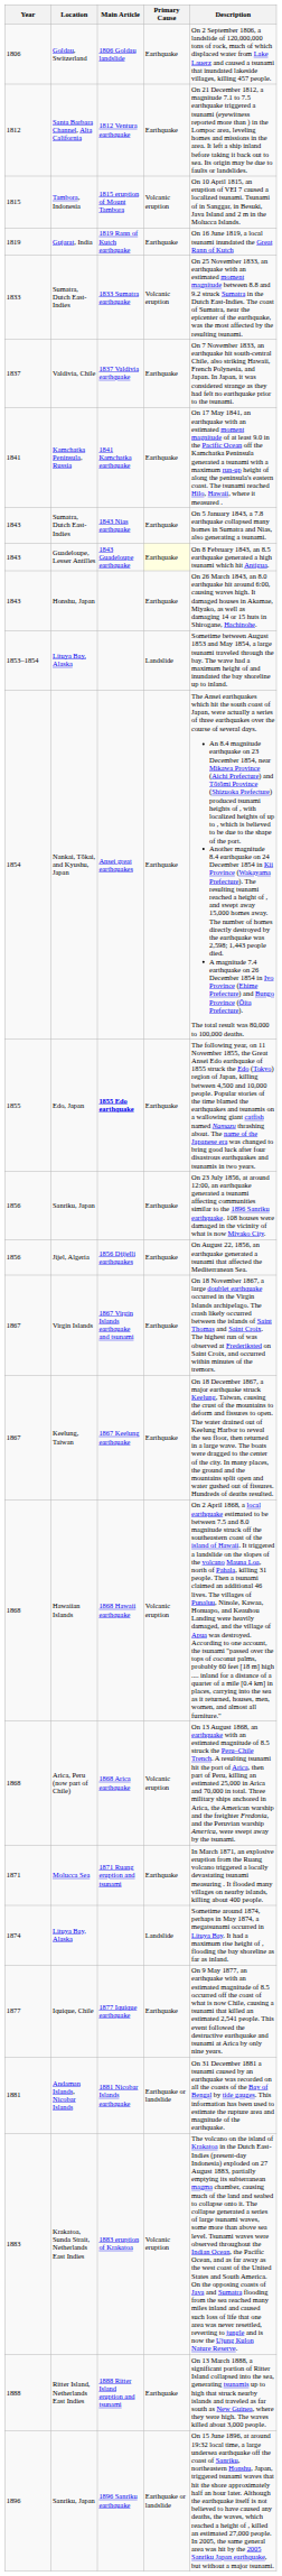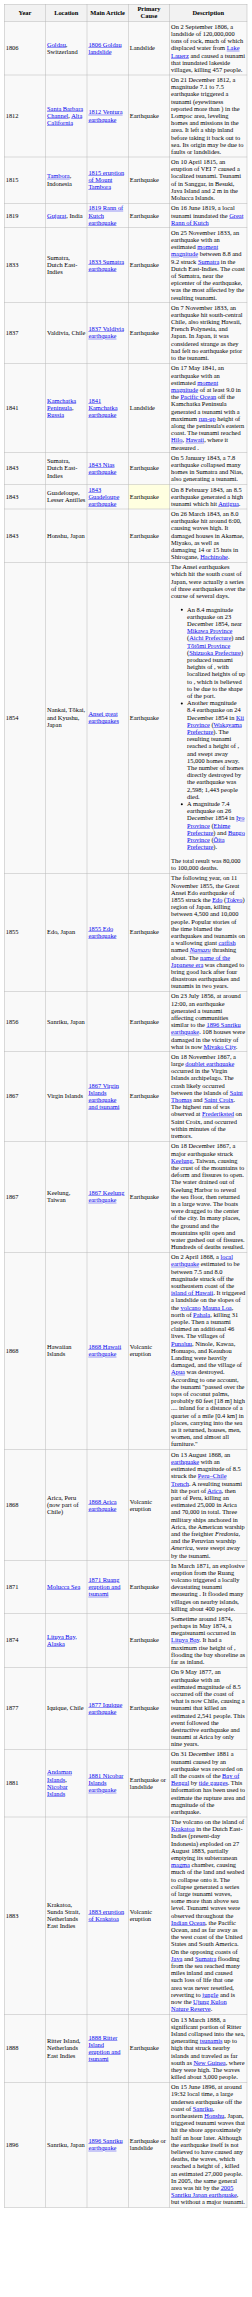 <table class="wikitable sortable">
 <tr>
 <th style="width:6em;">Year</th>
 <th style="width:6em;">Location</th>
 <th style="width:6em;">Main Article</th>
 <th style="width:6em;">Primary Cause</th>
 <th>Description</th>
 </tr>
 <tr>
 <td>1806</td>
 <td><a href='#'>Goldau</a>, Switzerland</td>
 <td><a href='#'>1806 Goldau landslide</a></td>
-<td>Earthquake</td>
+<td>Landslide</td>
 <td>On 2 September 1806, a landslide of 120,000,000 tons of rock, much of which displaced water from <a href='#'>Lake Lauerz</a> and caused a tsunami that inundated lakeside villages, killing 457 people.</td>
 </tr>
 <tr>
 <td>1812</td>
 <td><a href='#'>Santa Barbara Channel</a>, <a href='#'>Alta California</a></td>
 <td><a href='#'>1812 Ventura earthquake</a></td>
 <td>Earthquake</td>
 <td>On 21 December 1812, a magnitude 7.1 to 7.5 earthquake triggered a  tsunami (eyewitness reported more than ) in the Lompoc area, leveling homes and missions in the area. It left a ship inland before taking it back out to sea. Its origin may be due to faults or landslides.</td>
 </tr>
 <tr>
 <td>1815</td>
 <td><a href='#'>Tambora</a>, Indonesia</td>
 <td><a href='#'>1815 eruption of Mount Tambora</a></td>
-<td>Volcanic eruption</td>
+<td>Earthquake</td>
 <td>On 10 April 1815, an eruption of VEI 7 caused a localized tsunami. Tsunami of  in Sanggar,  in Besuki, Java Island and 2 m in the Molucca Islands.</td>
 </tr>
 <tr>
 <td>1819</td>
 <td><a href='#'>Gujarat</a>, India</td>
 <td><a href='#'>1819 Rann of Kutch earthquake</a></td>
 <td>Earthquake</td>
 <td>On 16 June 1819, a local tsunami inundated the <a href='#'>Great Rann of Kutch</a></td>
 </tr>
 <tr>
 <td>1833</td>
 <td>Sumatra, Dutch East-Indies</td>
 <td><a href='#'>1833 Sumatra earthquake</a></td>
-<td>Volcanic eruption</td>
+<td>Earthquake</td>
 <td>On 25 November 1833, an earthquake with an estimated <a href='#'>moment magnitude</a> between 8.8 and 9.2 struck <a href='#'>Sumatra</a> in the Dutch East-Indies. The coast of Sumatra, near the epicenter of the earthquake, was the most affected by the resulting tsunami.</td>
 </tr>
 <tr>
 <td>1837</td>
 <td>Valdivia, Chile</td>
 <td><a href='#'>1837 Valdivia earthquake</a></td>
 <td>Earthquake</td>
 <td>On 7 November 1833, an earthquake hit south-central Chile, also striking Hawaii, French Polynesia, and Japan. In Japan, it was considered strange as they had felt no earthquake prior to the tsunami.</td>
 </tr>
 <tr>
 <td>1841</td>
 <td><a href='#'>Kamchatka Peninsula</a>, <a href='#'>Russia</a></td>
 <td><a href='#'>1841 Kamchatka earthquake</a></td>
-<td>Earthquake</td>
+<td>Landslide</td>
 <td>On 17 May 1841, an earthquake with an estimated <a href='#'>moment magnitude</a> of at least 9.0 in the <a href='#'>Pacific Ocean</a> off the Kamchatka Peninsula generated a tsunami with a maximum <a href='#'>run-up</a> height of  along the peninsula's eastern coast. The tsunami  reached <a href='#'>Hilo</a>, <a href='#'>Hawaii</a>, where it measured .</td>
 </tr>
 <tr>
 <td>1843</td>
 <td>Sumatra, Dutch East-Indies</td>
 <td><a href='#'>1843 Nias earthquake</a></td>
 <td>Earthquake</td>
 <td>On 5 January 1843, a 7.8 earthquake collapsed many homes in Sumatra and Nias, also generating a tsunami.</td>
 </tr>
 <tr>
 <td>1843</td>
 <td>Guadeloupe, Lesser Antilles</td>
 <td><a href='#'>1843 Guadeloupe earthquake</a></td>
 <td style="background: lightyellow;">Earthquake</td>
 <td>On 8 February 1843, an 8.5 earthquake generated a  high tsunami which hit <a href='#'>Antigua</a>.</td>
 </tr>
 <tr>
 <td>1843</td>
 <td>Honshu, Japan</td>
 <td></td>
 <td>Earthquake</td>
 <td>On 26 March 1843, an 8.0 earthquake hit around 6:00, causing waves  high. It damaged houses in Akamae, Miyako, as well as damaging 14 or 15 huts in Shirogane, <a href='#'>Hachinohe</a>.</td>
 </tr>
 <tr>
-<td>1853–1854</td>
-<td><a href='#'>Lituya Bay, Alaska</a></td>
-<td></td>
-<td>Landslide</td>
-<td>Sometime between August 1853 and May 1854, a large tsunami traveled through the bay. The wave had a maximum height of  and inundated the bay shoreline up to  inland.</td>
-</tr>
-<tr>
 <td>1854</td>
 <td>Nankai, Tōkai, and Kyushu, Japan</td>
 <td><a href='#'>Ansei great earthquakes</a></td>
 <td>Earthquake</td>
 <td>The Ansei earthquakes which hit the south coast of Japan, were actually a series of three earthquakes over the course of several days.<br><ul><li>An 8.4 magnitude earthquake on 23 December 1854, near <a href='#'>Mikawa Province</a> (<a href='#'>Aichi Prefecture</a>) and <a href='#'>Tōtōmi Province</a> (<a href='#'>Shizuoka Prefecture</a>) produced tsunami heights of , with localized heights of up to , which is believed to be due to the shape of the port.</li><li>Another magnitude 8.4 earthquake on 24 December 1854 in <a href='#'>Kii Province</a> (<a href='#'>Wakayama Prefecture</a>). The resulting tsunami reached a height of , and swept away 15,000 homes away. The number of homes directly destroyed by the earthquake was 2,598; 1,443 people died.</li><li>A magnitude 7.4 earthquake on 26 December 1854 in <a href='#'>Iyo Province</a> (<a href='#'>Ehime Prefecture</a>) and <a href='#'>Bungo Province</a> (<a href='#'>Ōita Prefecture</a>).</li></ul>The total result was 80,000 to 100,000 deaths.</td>
 </tr>
 <tr>
 <td>1855</td>
 <td>Edo, Japan</td>
-<td><strong><a href='#'>1855 Edo earthquake</a></strong></td>
+<td><a href='#'>1855 Edo earthquake</a></td>
 <td>Earthquake</td>
 <td>The following year, on 11 November 1855, the Great Ansei Edo earthquake of 1855 struck the <a href='#'>Edo</a> (<a href='#'>Tokyo</a>) region of Japan, killing between 4,500 and 10,000 people. Popular stories of the time blamed the earthquakes and tsunamis on a wallowing giant <a href='#'>catfish</a> named <em><a href='#'>Namazu</a></em> thrashing about. The <a href='#'>name of the Japanese era</a> was changed to bring good luck after four disastrous earthquakes and tsunamis in two years.</td>
 </tr>
 <tr>
 <td>1856</td>
 <td>Sanriku, Japan</td>
 <td></td>
 <td>Earthquake</td>
 <td>On 23 July 1856, at around 12:00, an earthquake generated a tsunami affecting communities similar to the <a href='#'>1896 Sanriku earthquake</a>. 108 houses were damaged in the vicinity of what is now <a href='#'>Miyako City</a>.</td>
-</tr>
-<tr>
-<td>1856</td>
-<td>Jijel, Algeria</td>
-<td><a href='#'>1856 Djijelli earthquakes</a></td>
-<td>Earthquake</td>
-<td>On August 22, 1856, an earthquake generated a tsunami that affected the Mediterranean Sea.</td>
 </tr>
 <tr>
 <td>1867</td>
 <td>Virgin Islands</td>
 <td><a href='#'>1867 Virgin Islands earthquake and tsunami</a></td>
 <td>Earthquake</td>
 <td>On 18 November 1867, a large <a href='#'>doublet earthquake</a> occurred in the Virgin Islands archipelago. The crash likely occurred between the islands of <a href='#'>Saint Thomas</a> and <a href='#'>Saint Croix</a>. The highest run of  was observed at <a href='#'>Frederiksted</a> on Saint Croix, and occurred within minutes of the tremors.</td>
 </tr>
 <tr>
 <td>1867</td>
 <td>Keelung, Taiwan</td>
 <td><a href='#'>1867 Keelung earthquake</a></td>
 <td>Earthquake</td>
 <td>On 18 December 1867, a major earthquake struck <a href='#'>Keelung</a>, Taiwan, causing the crust of the mountains to deform and fissures to open. The water drained out of Keelung Harbor to reveal the sea floor, then returned in a large wave. The boats were dragged to the center of the city. In many places, the ground and the mountains split open and water gushed out of fissures. Hundreds of deaths resulted.</td>
 </tr>
 <tr>
 <td>1868</td>
 <td>Hawaiian Islands</td>
 <td><a href='#'>1868 Hawaii earthquake</a></td>
 <td>Volcanic eruption</td>
 <td>On 2 April 1868, a <a href='#'>local earthquake</a> estimated to be between 7.5 and 8.0 magnitude struck off the southeastern coast of the <a href='#'>island of Hawaii</a>. It triggered a landslide on the slopes of the <a href='#'>volcano</a> <a href='#'>Mauna Loa</a>,  north of <a href='#'>Pahala</a>, killing 31 people. Then a tsunami claimed an additional 46 lives. The villages of <a href='#'>Punaluu</a>, Ninole, Kawaa, Honuapo, and Keauhou Landing were heavily damaged, and the village of <a href='#'>Apua</a> was destroyed. According to one account, the tsunami "passed over the tops of coconut palms, probably 60 feet [18 m] high .... inland for a distance of a quarter of a mile [0.4 km] in places, carrying into the sea as it returned, houses, men, women, and almost all furniture."</td>
 </tr>
 <tr>
 <td>1868</td>
 <td>Arica, Peru (now part of Chile)</td>
 <td><a href='#'>1868 Arica earthquake</a></td>
 <td>Volcanic eruption</td>
 <td>On 13 August 1868, an <a href='#'>earthquake</a> with an estimated magnitude of 8.5 struck the <a href='#'>Peru–Chile Trench</a>. A resulting tsunami hit the port of <a href='#'>Arica</a>, then part of Peru, killing an estimated 25,000 in Arica and 70,000 in total. Three military ships anchored in Arica, the American warship  and the freighter <em>Fredonia</em>, and the Peruvian warship <em>America</em>, were swept away by the tsunami.</td>
 </tr>
 <tr>
 <td>1871</td>
 <td><a href='#'>Molucca Sea</a></td>
 <td><a href='#'>1871 Ruang eruption and tsunami</a></td>
 <td>Earthquake</td>
 <td>In March 1871, an explosive eruption from the Ruang volcano triggered a locally devastating tsunami measuring . It flooded many villages on nearby islands, killing about 400 people.</td>
 </tr>
 <tr>
 <td>1874</td>
 <td><a href='#'>Lituya Bay, Alaska</a></td>
 <td></td>
-<td>Landslide</td>
+<td>Earthquake</td>
 <td>Sometime around 1874, perhaps in May 1874, a megatsunami occurred in <a href='#'>Lituya Bay</a>. It had a maximum rise height of , flooding the bay shoreline as far as  inland.</td>
 </tr>
 <tr>
 <td>1877</td>
 <td>Iquique, Chile</td>
 <td><a href='#'>1877 Iquique earthquake</a></td>
 <td>Earthquake</td>
 <td>On 9 May 1877, an earthquake with an estimated magnitude of 8.5 occurred off the coast of what is now Chile, causing a tsunami that killed an estimated 2,541 people. This event followed the destructive earthquake and tsunami at Arica by only nine years.</td>
 </tr>
 <tr>
 <td>1881</td>
 <td><a href='#'>Andaman Islands</a>, <a href='#'>Nicobar Islands</a></td>
 <td><a href='#'>1881 Nicobar Islands earthquake</a></td>
 <td>Earthquake or landslide</td>
 <td>On 31 December 1881 a tsunami caused by an earthquake was recorded on all the coasts of the <a href='#'>Bay of Bengal</a> by <a href='#'>tide gauges</a>. This information has been used to estimate the rupture area and magnitude of the earthquake.</td>
 </tr>
 <tr>
 <td>1883</td>
 <td>Krakatoa, Sunda Strait, Netherlands East Indies</td>
 <td><a href='#'>1883 eruption of Krakatoa</a></td>
 <td>Volcanic eruption</td>
 <td>The volcano on the island of <a href='#'>Krakatoa</a> in the Dutch East-Indies (present-day Indonesia) exploded on 27 August 1883, partially emptying its subterranean <a href='#'>magma</a> chamber, causing much of the land and seabed to collapse onto it. The collapse generated a series of large tsunami waves, some more than  above sea level. Tsunami waves were observed throughout the <a href='#'>Indian Ocean</a>, the Pacific Ocean, and as far away as the west coast of the United States and South America. On the opposing coasts of <a href='#'>Java</a> and <a href='#'>Sumatra</a> flooding from the sea reached many miles inland and caused such loss of life that one area was never resettled, reverting to <a href='#'>jungle</a> and is now the <a href='#'>Ujung Kulon</a> <a href='#'>Nature Reserve</a>.</td>
 </tr>
 <tr>
 <td>1888</td>
 <td>Ritter Island, Netherlands East Indies</td>
 <td><a href='#'>1888 Ritter Island eruption and tsunami</a></td>
 <td>Earthquake</td>
 <td>On 13 March 1888, a significant portion of Ritter Island collapsed into the sea, generating <a href='#'>tsunamis</a> up to  high that struck nearby islands and traveled as far south as <a href='#'>New Guinea</a>, where they were  high. The waves killed about 3,000 people.<br></td>
 </tr>
 <tr>
 <td>1896</td>
 <td>Sanriku, Japan</td>
 <td><a href='#'>1896 Sanriku earthquake</a></td>
 <td>Earthquake or landslide</td>
 <td>On 15 June 1896, at around 19:32 local time, a large undersea earthquake off the coast of <a href='#'>Sanriku</a>, northeastern <a href='#'>Honshu</a>, Japan, triggered tsunami waves that hit the shore approximately half an hour later. Although the earthquake itself is not believed to have caused any deaths, the waves, which reached a height of , killed an estimated 27,000 people. In 2005, the same general area was hit by the <a href='#'>2005 Sanriku Japan earthquake</a>, but without a major tsunami.</td>
 </tr>
 </table>
